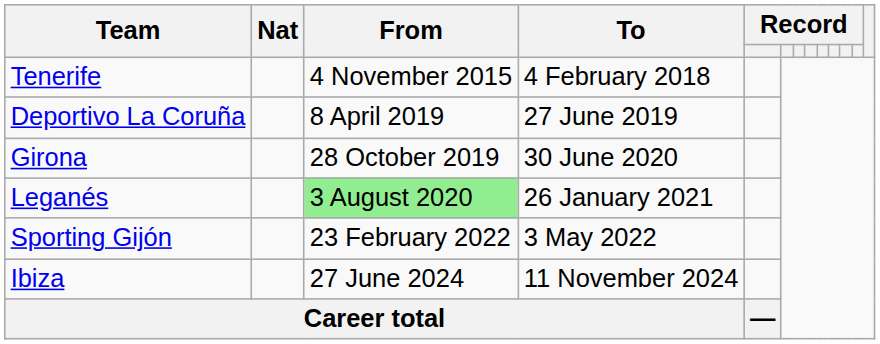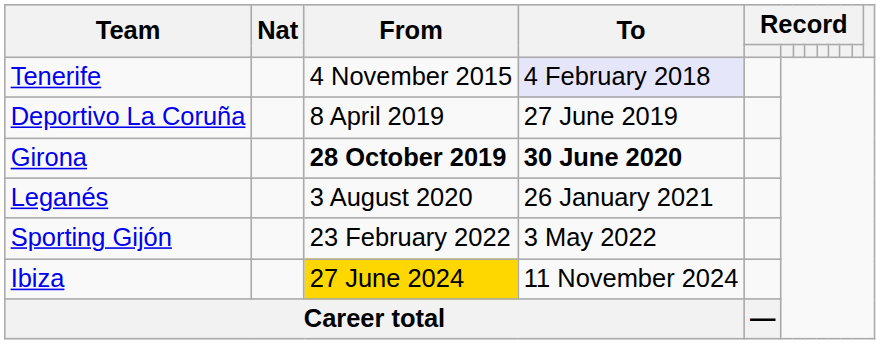 <table class="wikitable" style="text-align: center">
 <tr>
 <th rowspan="2">Team</th>
 <th rowspan="2">Nat</th>
 <th rowspan="2">From</th>
 <th rowspan="2">To</th>
 <th colspan="8">Record</th>
 <th rowspan=2></th>
 </tr>
 <tr>
 <th></th>
 <th></th>
 <th></th>
 <th></th>
 <th></th>
 <th></th>
 <th></th>
 <th></th>
 </tr>
 <tr>
 <td align="left"><a href='#'>Tenerife</a></td>
 <td></td>
 <td align=left>4 November 2015</td>
-<td align=left>4 February 2018<br></td>
+<td align=left style="background: lavender;">4 February 2018<br></td>
 <td></td>
 </tr>
 <tr>
 <td align="left"><a href='#'>Deportivo La Coruña</a></td>
 <td></td>
 <td align=left>8 April 2019</td>
 <td align=left>27 June 2019<br></td>
 <td></td>
 </tr>
 <tr>
 <td align="left"><a href='#'>Girona</a></td>
 <td></td>
-<td align=left>28 October 2019</td>
-<td align=left>30 June 2020<br></td>
+<td align=left><strong>28 October 2019</strong></td>
+<td align=left><strong>30 June 2020<br></strong></td>
 <td></td>
 </tr>
 <tr>
 <td align="left"><a href='#'>Leganés</a></td>
 <td></td>
-<td align=left style="background: lightgreen;">3 August 2020</td>
+<td align=left>3 August 2020</td>
 <td align=left>26 January 2021<br></td>
 <td></td>
 </tr>
 <tr>
 <td align="left"><a href='#'>Sporting Gijón</a></td>
 <td></td>
 <td align=left>23 February 2022</td>
 <td align=left>3 May 2022<br></td>
 <td></td>
 </tr>
 <tr>
 <td align="left"><a href='#'>Ibiza</a></td>
 <td></td>
-<td align=left>27 June 2024</td>
+<td align=left style="background: gold;">27 June 2024</td>
 <td align=left>11 November 2024<br></td>
 <td></td>
 </tr>
 <tr>
 <th colspan=4>Career total<br></th>
 <th>—</th>
 </tr>
 </table>
